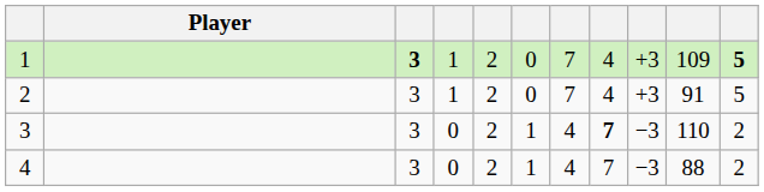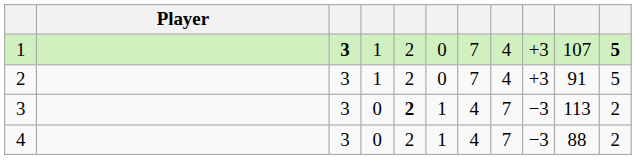 <table class="wikitable" style="text-align:center; margin: 1em auto 1em auto, align:left">
 <tr>
 <th width=20></th>
 <th width=240>Player</th>
 <th width=20></th>
 <th width=20></th>
 <th width=20></th>
 <th width=20></th>
 <th width=20></th>
 <th width=20></th>
 <th width=20></th>
 <th width=30></th>
 <th width=20></th>
 </tr>
 <tr style="background:#D0F0C0;">
 <td>1</td>
 <td align=left></td>
 <td><strong>3</strong></td>
 <td>1</td>
 <td>2</td>
 <td>0</td>
 <td>7</td>
 <td>4</td>
 <td>+3</td>
-<td>109</td>
+<td>107</td>
 <td><strong>5</strong></td>
 </tr>
 <tr style=>
 <td>2</td>
 <td align=left></td>
 <td>3</td>
 <td>1</td>
 <td>2</td>
 <td>0</td>
 <td>7</td>
 <td>4</td>
 <td>+3</td>
 <td>91</td>
 <td>5</td>
 </tr>
 <tr style=>
 <td>3</td>
 <td align=left></td>
 <td>3</td>
 <td>0</td>
-<td>2</td>
+<td><strong>2</strong></td>
 <td>1</td>
 <td>4</td>
-<td><strong>7</strong></td>
+<td>7</td>
 <td>−3</td>
-<td>110</td>
+<td>113</td>
 <td>2</td>
 </tr>
 <tr style=>
 <td>4</td>
 <td align=left></td>
 <td>3</td>
 <td>0</td>
 <td>2</td>
 <td>1</td>
 <td>4</td>
 <td>7</td>
 <td>−3</td>
 <td>88</td>
 <td>2</td>
 </tr>
 </table>
